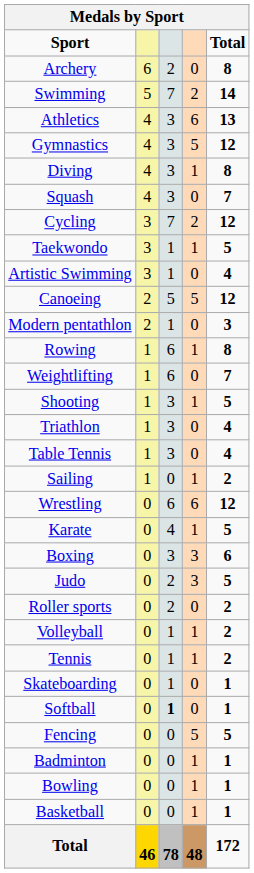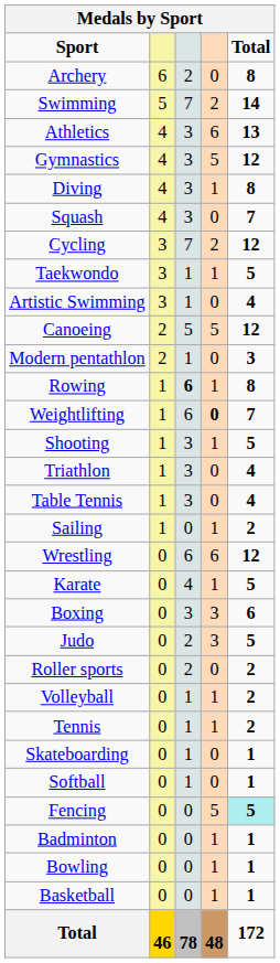 <table class="wikitable sortable" style="text-align:center">
 <tr>
 <th colspan=7>Medals by Sport</th>
 </tr>
 <tr aling=cente>
 <td><strong>Sport</strong></td>
 <td style="background:#f7f6a8;"><br></td>
 <td style="background:#dce5e5;"><br></td>
 <td style="background:#ffdab9;"><br></td>
 <td><strong>Total</strong></td>
 </tr>
 <tr aling=cente>
 <td><a href='#'>Archery</a></td>
 <td style="background:#f7f6a8;">6</td>
 <td style="background:#dce5e5;">2</td>
 <td style="background:#ffdab9;">0</td>
 <td><strong>8</strong></td>
 </tr>
 <tr aling=cente>
 <td><a href='#'>Swimming</a></td>
 <td style="background:#f7f6a8;">5</td>
 <td style="background:#dce5e5;">7</td>
 <td style="background:#ffdab9;">2</td>
 <td><strong>14</strong></td>
 </tr>
 <tr aling=cente>
 <td><a href='#'>Athletics</a></td>
 <td style="background:#f7f6a8;">4</td>
 <td style="background:#dce5e5;">3</td>
 <td style="background:#ffdab9;">6</td>
 <td><strong>13</strong></td>
 </tr>
 <tr aling=cente>
 <td><a href='#'>Gymnastics</a></td>
 <td style="background:#f7f6a8;">4</td>
 <td style="background:#dce5e5;">3</td>
 <td style="background:#ffdab9;">5</td>
 <td><strong>12</strong></td>
 </tr>
 <tr aling=cente>
 <td><a href='#'>Diving</a></td>
 <td style="background:#f7f6a8;">4</td>
 <td style="background:#dce5e5;">3</td>
 <td style="background:#ffdab9;">1</td>
 <td><strong>8</strong></td>
 </tr>
 <tr aling=cente>
 <td><a href='#'>Squash</a></td>
 <td style="background:#f7f6a8;">4</td>
 <td style="background:#dce5e5;">3</td>
 <td style="background:#ffdab9;">0</td>
 <td><strong>7</strong></td>
 </tr>
 <tr aling=cente>
 <td><a href='#'>Cycling</a></td>
 <td style="background:#f7f6a8;">3</td>
 <td style="background:#dce5e5;">7</td>
 <td style="background:#ffdab9;">2</td>
 <td><strong>12</strong></td>
 </tr>
 <tr aling=cente>
 <td><a href='#'>Taekwondo</a></td>
 <td style="background:#f7f6a8;">3</td>
 <td style="background:#dce5e5;">1</td>
 <td style="background:#ffdab9;">1</td>
 <td><strong>5</strong></td>
 </tr>
 <tr aling=cente>
 <td><a href='#'>Artistic Swimming</a></td>
 <td style="background:#f7f6a8;">3</td>
 <td style="background:#dce5e5;">1</td>
 <td style="background:#ffdab9;">0</td>
 <td><strong>4</strong></td>
 </tr>
 <tr aling=cente>
 <td><a href='#'>Canoeing</a></td>
 <td style="background:#f7f6a8;">2</td>
 <td style="background:#dce5e5;">5</td>
 <td style="background:#ffdab9;">5</td>
 <td><strong>12</strong></td>
 </tr>
 <tr aling=cente>
 <td><a href='#'>Modern pentathlon</a></td>
 <td style="background:#f7f6a8;">2</td>
 <td style="background:#dce5e5;">1</td>
 <td style="background:#ffdab9;">0</td>
 <td><strong>3</strong></td>
 </tr>
 <tr aling=cente>
 <td><a href='#'>Rowing</a></td>
 <td style="background:#f7f6a8;">1</td>
-<td style="background:#dce5e5;">6</td>
+<td style="background:#dce5e5;"><strong>6</strong></td>
 <td style="background:#ffdab9;">1</td>
 <td><strong>8</strong></td>
 </tr>
 <tr aling=cente>
 <td><a href='#'>Weightlifting</a></td>
 <td style="background:#f7f6a8;">1</td>
 <td style="background:#dce5e5;">6</td>
-<td style="background:#ffdab9;">0</td>
+<td style="background:#ffdab9;"><strong>0</strong></td>
 <td><strong>7</strong></td>
 </tr>
 <tr aling=cente>
 <td><a href='#'>Shooting</a></td>
 <td style="background:#f7f6a8;">1</td>
 <td style="background:#dce5e5;">3</td>
 <td style="background:#ffdab9;">1</td>
 <td><strong>5</strong></td>
 </tr>
 <tr aling=cente>
 <td><a href='#'>Triathlon</a></td>
 <td style="background:#f7f6a8;">1</td>
 <td style="background:#dce5e5;">3</td>
 <td style="background:#ffdab9;">0</td>
 <td><strong>4</strong></td>
 </tr>
 <tr aling=cente>
 <td><a href='#'>Table Tennis</a></td>
 <td style="background:#f7f6a8;">1</td>
 <td style="background:#dce5e5;">3</td>
 <td style="background:#ffdab9;">0</td>
 <td><strong>4</strong></td>
 </tr>
 <tr aling=cente>
 <td><a href='#'>Sailing</a></td>
 <td style="background:#f7f6a8;">1</td>
 <td style="background:#dce5e5;">0</td>
 <td style="background:#ffdab9;">1</td>
 <td><strong>2</strong></td>
 </tr>
 <tr aling=cente>
 <td><a href='#'>Wrestling</a></td>
 <td style="background:#f7f6a8;">0</td>
 <td style="background:#dce5e5;">6</td>
 <td style="background:#ffdab9;">6</td>
 <td><strong>12</strong></td>
 </tr>
 <tr aling=cente>
 <td><a href='#'>Karate</a></td>
 <td style="background:#f7f6a8;">0</td>
 <td style="background:#dce5e5;">4</td>
 <td style="background:#ffdab9;">1</td>
 <td><strong>5</strong></td>
 </tr>
 <tr aling=cente>
 <td><a href='#'>Boxing</a></td>
 <td style="background:#f7f6a8;">0</td>
 <td style="background:#dce5e5;">3</td>
 <td style="background:#ffdab9;">3</td>
 <td><strong>6</strong></td>
 </tr>
 <tr aling=cente>
 <td><a href='#'>Judo</a></td>
 <td style="background:#f7f6a8;">0</td>
 <td style="background:#dce5e5;">2</td>
 <td style="background:#ffdab9;">3</td>
 <td><strong>5</strong></td>
 </tr>
 <tr aling=cente>
 <td><a href='#'>Roller sports</a></td>
 <td style="background:#f7f6a8;">0</td>
 <td style="background:#dce5e5;">2</td>
 <td style="background:#ffdab9;">0</td>
 <td><strong>2</strong></td>
 </tr>
 <tr aling=cente>
 <td><a href='#'>Volleyball</a></td>
 <td style="background:#f7f6a8;">0</td>
 <td style="background:#dce5e5;">1</td>
 <td style="background:#ffdab9;">1</td>
 <td><strong>2</strong></td>
 </tr>
 <tr aling=cente>
 <td><a href='#'>Tennis</a></td>
 <td style="background:#f7f6a8;">0</td>
 <td style="background:#dce5e5;">1</td>
 <td style="background:#ffdab9;">1</td>
 <td><strong>2</strong></td>
 </tr>
 <tr aling=cente>
 <td><a href='#'>Skateboarding</a></td>
 <td style="background:#f7f6a8;">0</td>
 <td style="background:#dce5e5;">1</td>
 <td style="background:#ffdab9;">0</td>
 <td><strong>1</strong></td>
 </tr>
 <tr aling=cente>
 <td><a href='#'>Softball</a></td>
 <td style="background:#f7f6a8;">0</td>
-<td style="background:#dce5e5;"><strong>1</strong></td>
+<td style="background:#dce5e5;">1</td>
 <td style="background:#ffdab9;">0</td>
 <td><strong>1</strong></td>
 </tr>
 <tr aling=cente>
 <td><a href='#'>Fencing</a></td>
 <td style="background:#f7f6a8;">0</td>
 <td style="background:#dce5e5;">0</td>
 <td style="background:#ffdab9;">5</td>
-<td><strong>5</strong></td>
+<td style="background: paleturquoise;"><strong>5</strong></td>
 </tr>
 <tr aling=cente>
 <td><a href='#'>Badminton</a></td>
 <td style="background:#f7f6a8;">0</td>
 <td style="background:#dce5e5;">0</td>
 <td style="background:#ffdab9;">1</td>
 <td><strong>1</strong></td>
 </tr>
 <tr aling=cente>
 <td><a href='#'>Bowling</a></td>
 <td style="background:#f7f6a8;">0</td>
 <td style="background:#dce5e5;">0</td>
 <td style="background:#ffdab9;">1</td>
 <td><strong>1</strong></td>
 </tr>
 <tr aling=cente>
 <td><a href='#'>Basketball</a></td>
 <td style="background:#f7f6a8;">0</td>
 <td style="background:#dce5e5;">0</td>
 <td style="background:#ffdab9;">1</td>
 <td><strong>1</strong></td>
 </tr>
 <tr aling=cente>
 <th>Total</th>
 <td style="background:gold;"><br><strong>46</strong></td>
 <td style="background:silver;"><br><strong>78</strong></td>
 <td style="background:#c96;"><br><strong>48</strong></td>
 <td><strong>172</strong></td>
 </tr>
 </table>
